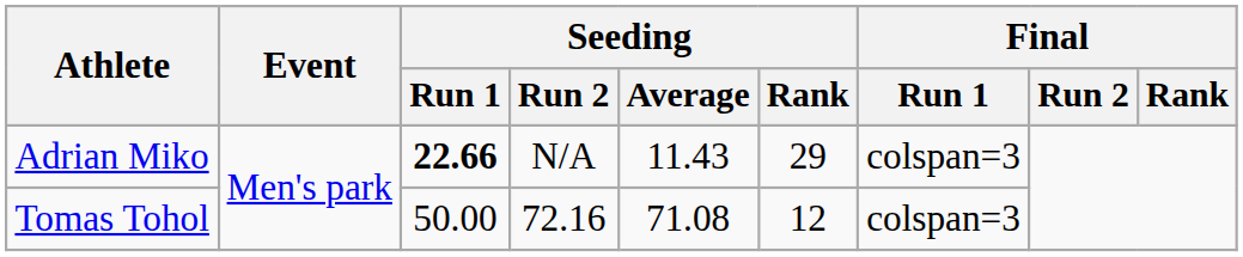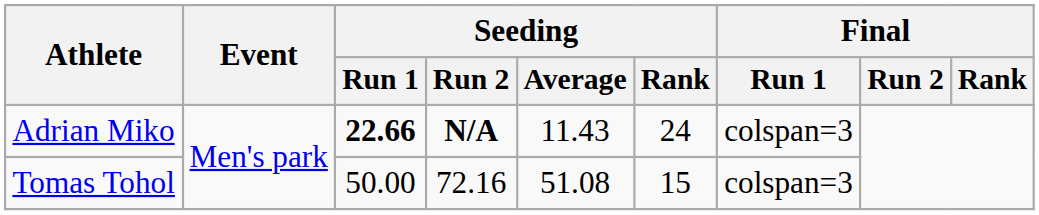 <table class=wikitable style=font-size:90%;text-align:center>
 <tr>
 <th rowspan=2>Athlete</th>
 <th rowspan=2>Event</th>
 <th colspan=4>Seeding</th>
 <th colspan=3>Final</th>
 </tr>
 <tr style=font-size:95%>
 <th>Run 1</th>
 <th>Run 2</th>
 <th>Average</th>
 <th>Rank</th>
 <th>Run 1</th>
 <th>Run 2</th>
 <th>Rank</th>
 </tr>
 <tr>
 <td align=left><a href='#'>Adrian Miko</a></td>
 <td align=left rowspan=2><a href='#'>Men's park</a></td>
 <td><strong>22.66</strong></td>
-<td>N/A</td>
+<td><strong>N/A</strong></td>
 <td>11.43</td>
-<td>29</td>
+<td>24</td>
 <td>colspan=3 </td>
 </tr>
 <tr>
 <td align=left><a href='#'>Tomas Tohol</a></td>
 <td>50.00</td>
 <td>72.16</td>
-<td>71.08</td>
-<td>12</td>
+<td>51.08</td>
+<td>15</td>
 <td>colspan=3 </td>
 </tr>
 </table>
